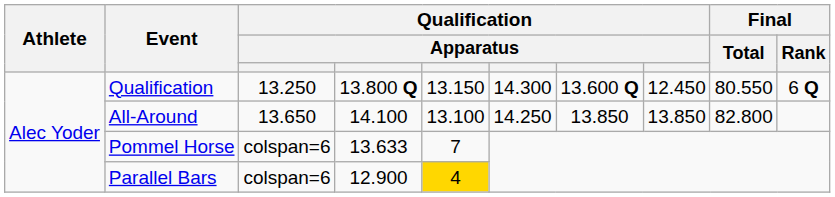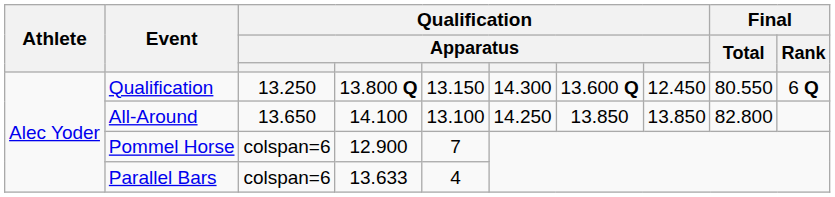 <table class="wikitable" style="font-size:90%">
 <tr>
 <th rowspan=3>Athlete</th>
 <th rowspan=3>Event</th>
 <th colspan =6>Qualification</th>
 <th colspan =7>Final</th>
 </tr>
 <tr style="font-size:95%">
 <th colspan=6>Apparatus</th>
 <th rowspan=2>Total</th>
 <th rowspan=2>Rank</th>
 </tr>
 <tr style="font-size:95%">
 <th></th>
 <th></th>
 <th></th>
 <th></th>
 <th></th>
 <th></th>
 </tr>
 <tr align=center>
 <td align=left rowspan=4><a href='#'>Alec Yoder</a></td>
 <td align=left><a href='#'>Qualification</a></td>
 <td>13.250</td>
 <td>13.800 <strong>Q</strong></td>
 <td>13.150</td>
 <td>14.300</td>
 <td>13.600 <strong>Q</strong></td>
 <td>12.450</td>
 <td>80.550</td>
 <td>6 <strong>Q</strong></td>
 </tr>
 <tr align=center>
 <td align=left><a href='#'>All-Around</a></td>
 <td>13.650</td>
 <td>14.100</td>
 <td>13.100</td>
 <td>14.250</td>
 <td>13.850</td>
 <td>13.850</td>
 <td>82.800</td>
 <td></td>
 </tr>
 <tr align=center>
 <td align=left><a href='#'>Pommel Horse</a></td>
 <td>colspan=6 </td>
-<td>13.633</td>
+<td>12.900</td>
 <td>7</td>
 </tr>
 <tr align=center>
 <td align=left><a href='#'>Parallel Bars</a></td>
 <td>colspan=6 </td>
-<td>12.900</td>
-<td style="background: gold;">4</td>
+<td>13.633</td>
+<td>4</td>
 </tr>
 </table>
